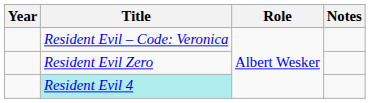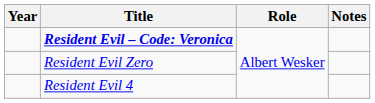 <table class="wikitable sortable">
 <tr>
 <th>Year</th>
 <th>Title</th>
 <th>Role</th>
 <th class="unsortable">Notes</th>
 </tr>
 <tr>
 <td></td>
-<td><em><a href='#'>Resident Evil – Code: Veronica</a></em></td>
+<td><strong><em><a href='#'>Resident Evil – Code: Veronica</a></em></strong></td>
 <td rowspan="3"><a href='#'>Albert Wesker</a></td>
 <td></td>
 </tr>
 <tr>
 <td></td>
 <td><em><a href='#'>Resident Evil Zero</a></em></td>
 <td></td>
 </tr>
 <tr>
 <td></td>
-<td style="background: paleturquoise;"><em><a href='#'>Resident Evil 4</a></em></td>
+<td><em><a href='#'>Resident Evil 4</a></em></td>
 <td></td>
 </tr>
 </table>
